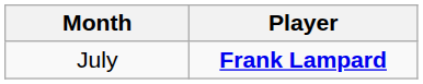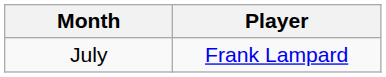 <table class="wikitable" style="text-align:center">
 <tr>
 <th>Month</th>
 <th>Player</th>
 </tr>
 <tr>
 <td style="width:120px;">July</td>
-<td style="width:150px;"><strong> <a href='#'>Frank Lampard</a></strong></td>
+<td style="width:150px;"> <a href='#'>Frank Lampard</a></td>
 </tr>
 </table>
